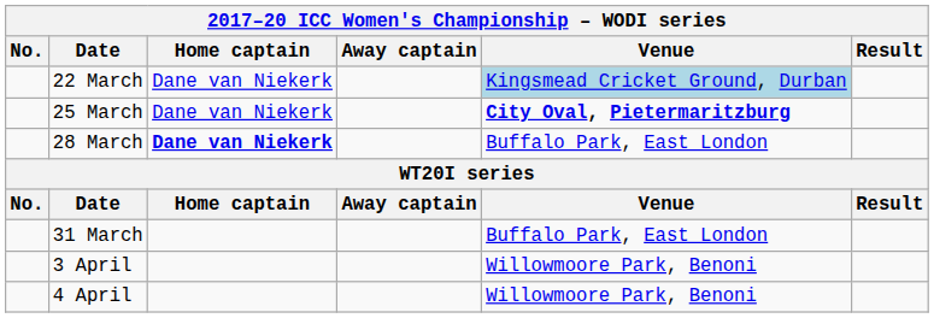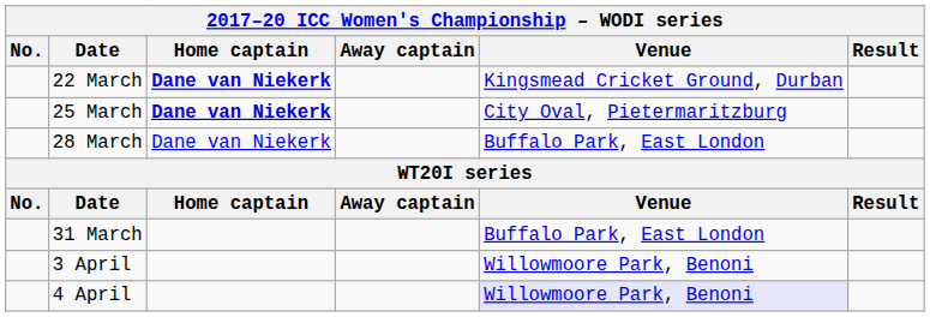 <table class="wikitable">
 <tr>
 <th colspan="9"><a href='#'>2017–20 ICC Women's Championship</a> – WODI series</th>
 </tr>
 <tr>
 <th>No.</th>
 <th>Date</th>
 <th>Home captain</th>
 <th>Away captain</th>
 <th>Venue</th>
 <th>Result</th>
 </tr>
 <tr>
 <td></td>
 <td>22 March</td>
-<td><a href='#'>Dane van Niekerk</a></td>
+<td><strong><a href='#'>Dane van Niekerk</a></strong></td>
 <td></td>
-<td style="background: lightblue;"><a href='#'>Kingsmead Cricket Ground</a>, <a href='#'>Durban</a></td>
+<td><a href='#'>Kingsmead Cricket Ground</a>, <a href='#'>Durban</a></td>
 <td></td>
 </tr>
 <tr>
 <td></td>
 <td>25 March</td>
-<td><a href='#'>Dane van Niekerk</a></td>
+<td><strong><a href='#'>Dane van Niekerk</a></strong></td>
 <td></td>
-<td><strong><a href='#'>City Oval</a>, <a href='#'>Pietermaritzburg</a></strong></td>
+<td><a href='#'>City Oval</a>, <a href='#'>Pietermaritzburg</a></td>
 <td></td>
 </tr>
 <tr>
 <td></td>
 <td>28 March</td>
-<td><strong><a href='#'>Dane van Niekerk</a></strong></td>
+<td><a href='#'>Dane van Niekerk</a></td>
 <td></td>
 <td><a href='#'>Buffalo Park</a>, <a href='#'>East London</a></td>
 <td></td>
 </tr>
 <tr>
 <th colspan="9">WT20I series</th>
 </tr>
 <tr>
 <th>No.</th>
 <th>Date</th>
 <th>Home captain</th>
 <th>Away captain</th>
 <th>Venue</th>
 <th>Result</th>
 </tr>
 <tr>
 <td></td>
 <td>31 March</td>
 <td></td>
 <td></td>
 <td><a href='#'>Buffalo Park</a>, <a href='#'>East London</a></td>
 <td></td>
 </tr>
 <tr>
 <td></td>
 <td>3 April</td>
 <td></td>
 <td></td>
 <td><a href='#'>Willowmoore Park</a>, <a href='#'>Benoni</a></td>
 <td></td>
 </tr>
 <tr>
 <td></td>
 <td>4 April</td>
 <td></td>
 <td></td>
-<td><a href='#'>Willowmoore Park</a>, <a href='#'>Benoni</a></td>
+<td style="background: lavender;"><a href='#'>Willowmoore Park</a>, <a href='#'>Benoni</a></td>
 <td></td>
 </tr>
 </table>
